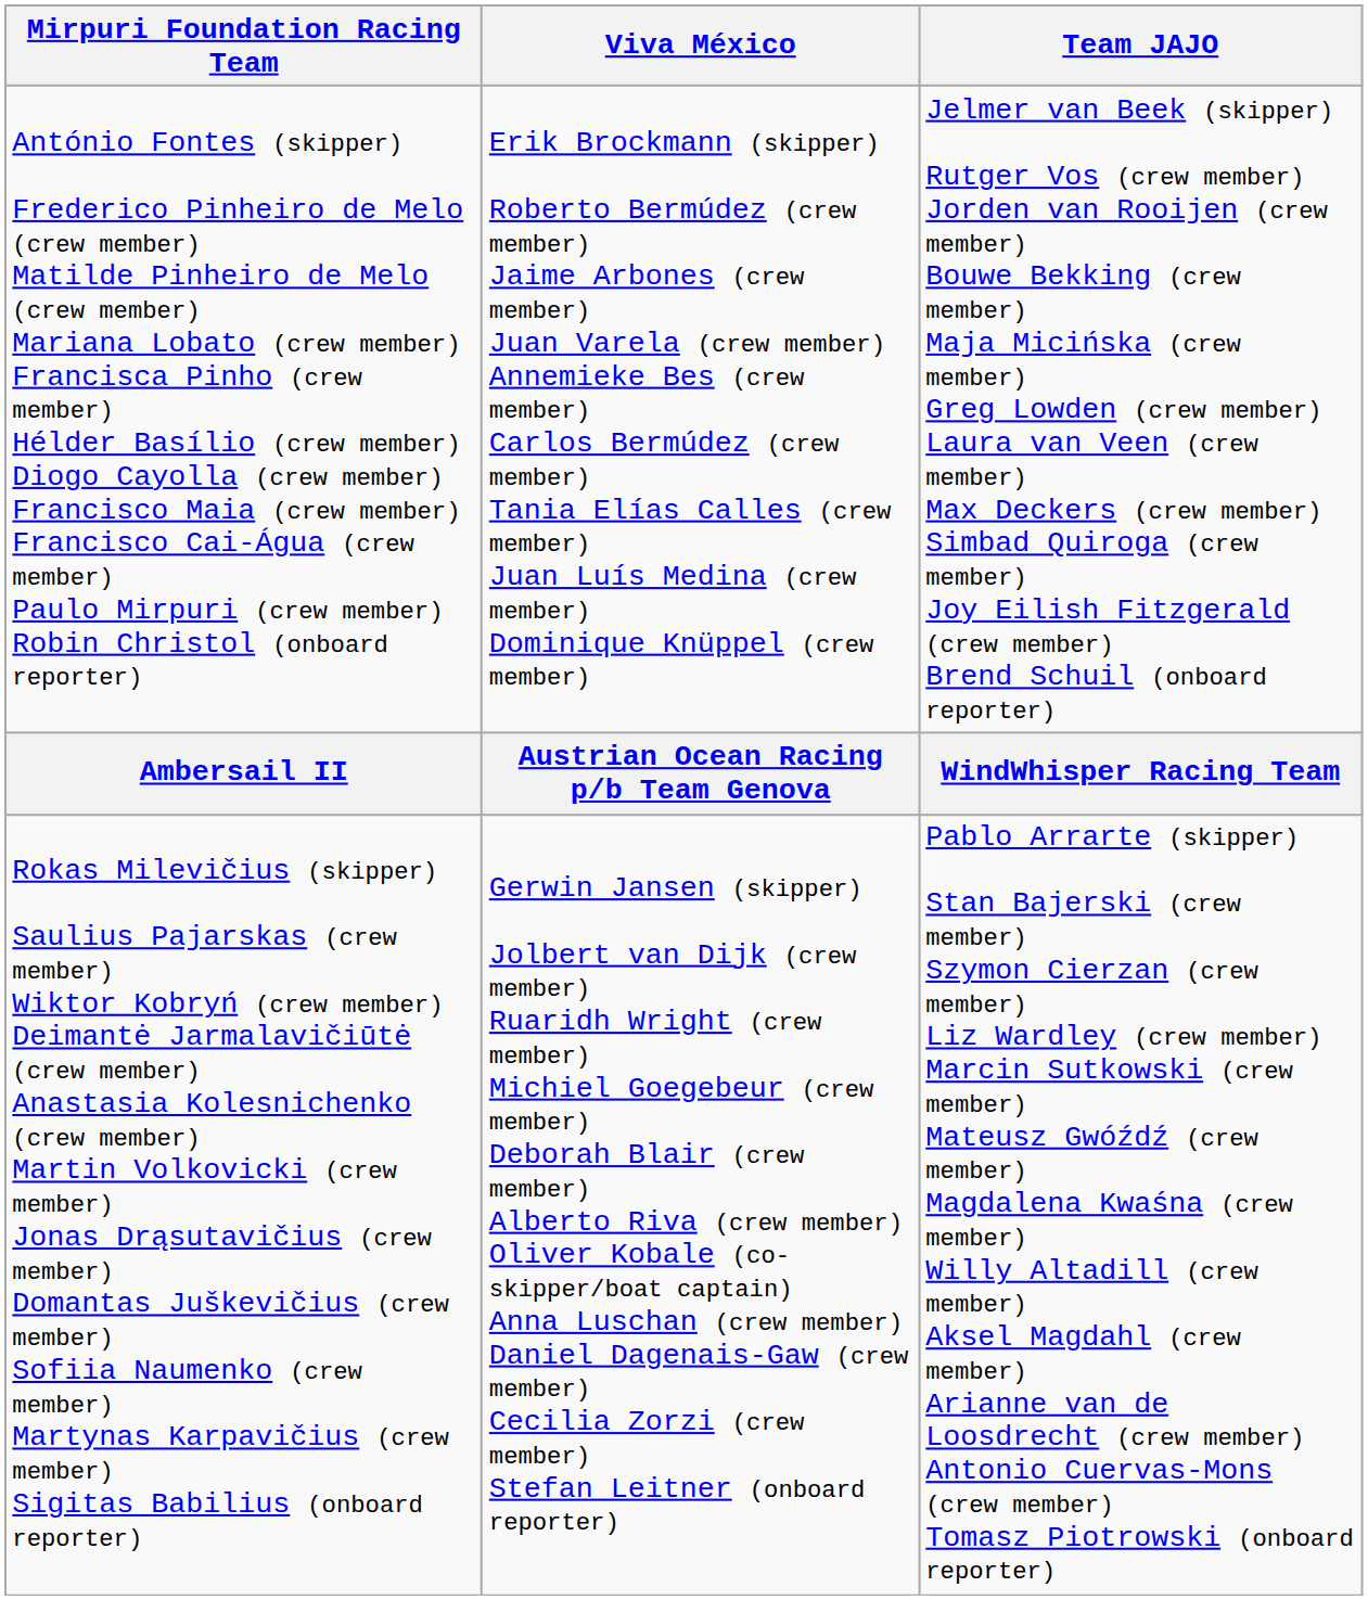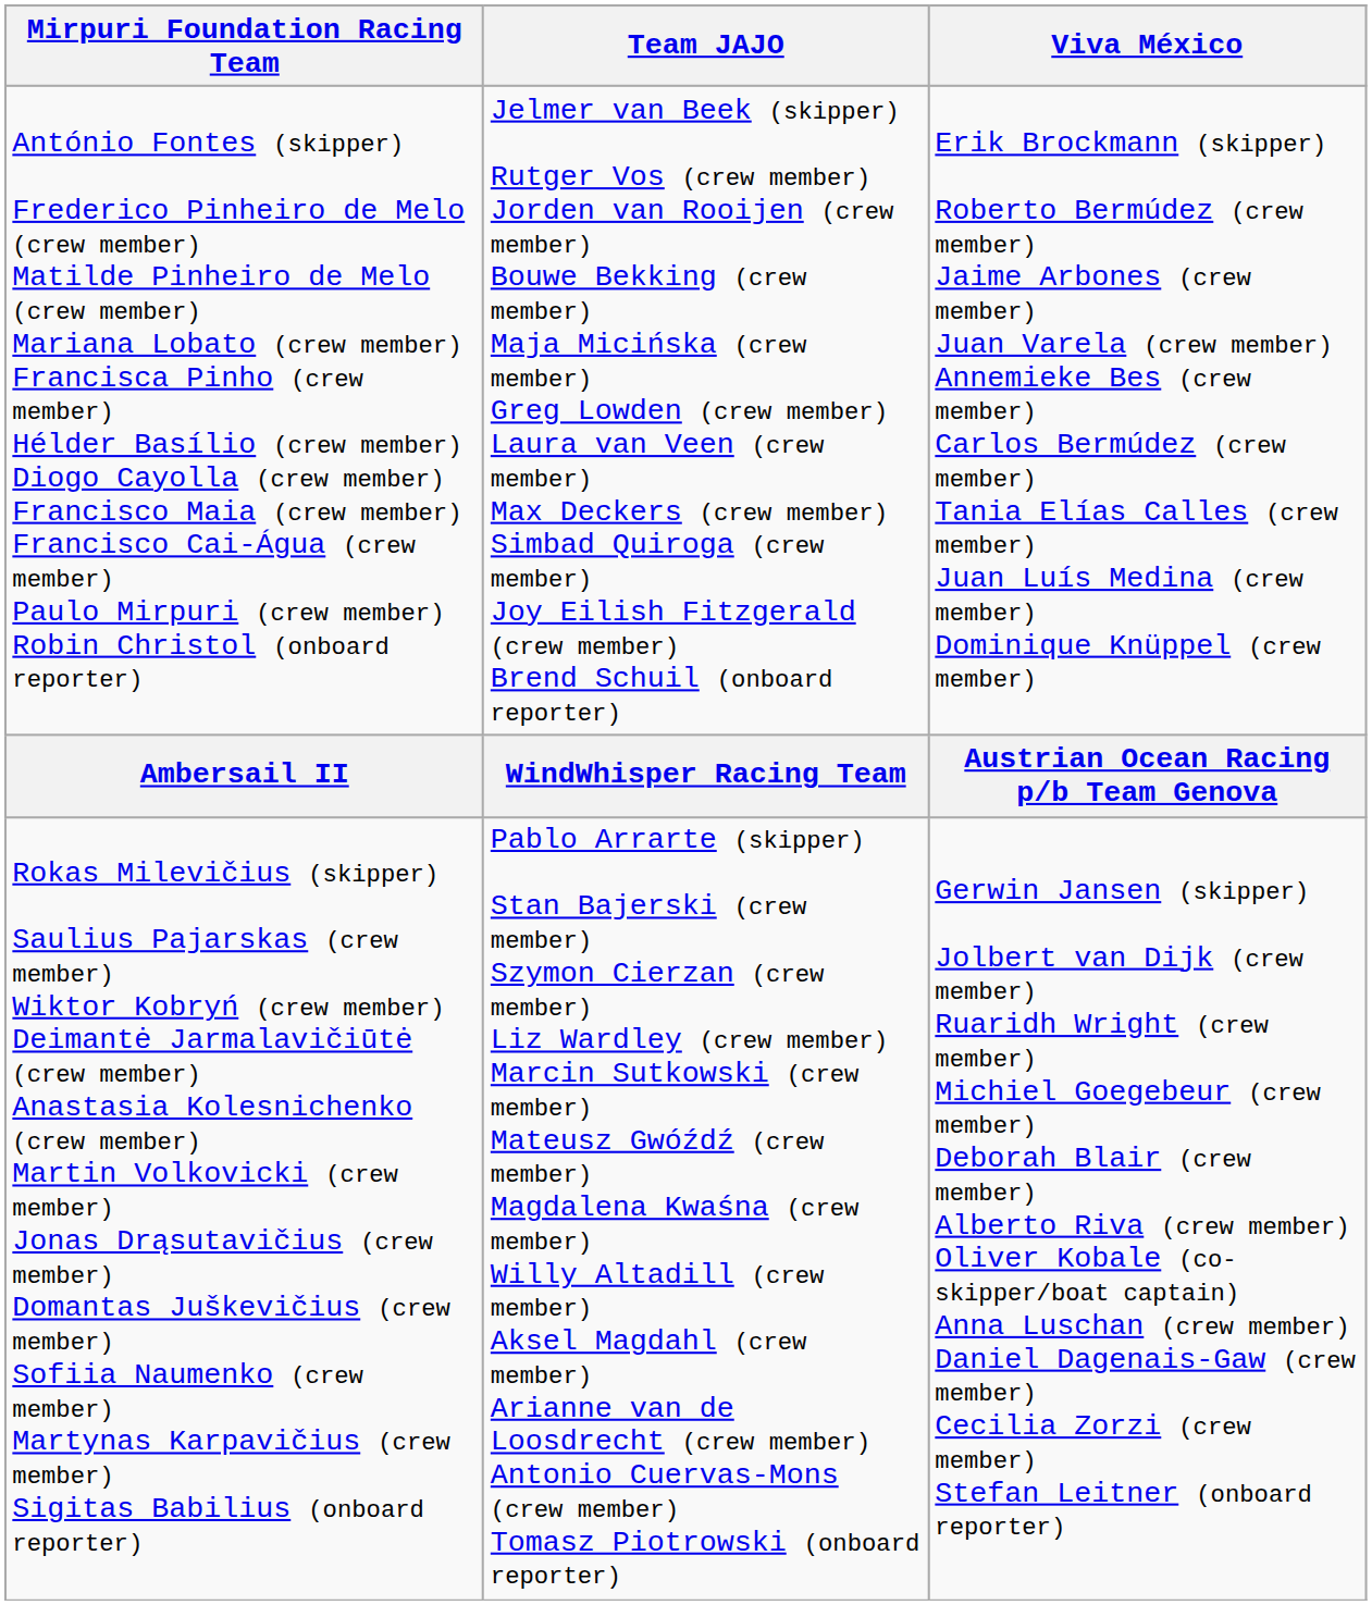 <table class=wikitable>
 <tr>
 <th> <a href='#'>Mirpuri Foundation Racing Team</a></th>
+<th> <a href='#'>Team JAJO</a></th>
 <th> <a href='#'>Viva México</a></th>
-<th> <a href='#'>Team JAJO</a></th>
 </tr>
 <tr>
 <td> <a href='#'>António Fontes</a> <small>(skipper)</small><br><br> <a href='#'>Frederico Pinheiro de Melo</a> <small>(crew member)</small><br>  <a href='#'>Matilde Pinheiro de Melo</a> <small>(crew member)</small><br>  <a href='#'>Mariana Lobato</a> <small>(crew member)</small><br>  <a href='#'>Francisca Pinho</a> <small>(crew member)</small><br>  <a href='#'>Hélder Basílio</a> <small>(crew member)</small><br>  <a href='#'>Diogo Cayolla</a> <small>(crew member)</small><br>  <a href='#'>Francisco Maia</a> <small>(crew member)</small><br>  <a href='#'>Francisco Cai-Água</a> <small>(crew member)</small><br>  <a href='#'>Paulo Mirpuri</a> <small>(crew member)</small><br>  <a href='#'>Robin Christol</a> <small>(onboard reporter)</small></td>
+<td> <a href='#'>Jelmer van Beek</a> <small>(skipper)</small><br><br> <a href='#'>Rutger Vos</a> <small>(crew member)</small><br>  <a href='#'>Jorden van Rooijen</a> <small>(crew member)</small><br>  <a href='#'>Bouwe Bekking</a> <small>(crew member)</small><br>  <a href='#'>Maja Micińska</a> <small>(crew member)</small><br>  <a href='#'>Greg Lowden</a> <small>(crew member)</small><br>  <a href='#'>Laura van Veen</a> <small>(crew member)</small><br>  <a href='#'>Max Deckers</a> <small>(crew member)</small><br>  <a href='#'>Simbad Quiroga</a> <small>(crew member)</small><br>  <a href='#'>Joy Eilish Fitzgerald</a> <small>(crew member)</small><br>  <a href='#'>Brend Schuil</a> <small>(onboard reporter)</small></td>
 <td> <a href='#'>Erik Brockmann</a> <small>(skipper)</small><br><br> <a href='#'>Roberto Bermúdez</a> <small>(crew member)</small><br>  <a href='#'>Jaime Arbones</a> <small>(crew member)</small><br>  <a href='#'>Juan Varela</a> <small>(crew member)</small><br>  <a href='#'>Annemieke Bes</a> <small>(crew member)</small><br>  <a href='#'>Carlos Bermúdez</a> <small>(crew member)</small><br>  <a href='#'>Tania Elías Calles</a> <small>(crew member)</small><br>  <a href='#'>Juan Luís Medina</a> <small>(crew member)</small><br>  <a href='#'>Dominique Knüppel</a> <small>(crew member)</small></td>
-<td> <a href='#'>Jelmer van Beek</a> <small>(skipper)</small><br><br> <a href='#'>Rutger Vos</a> <small>(crew member)</small><br>  <a href='#'>Jorden van Rooijen</a> <small>(crew member)</small><br>  <a href='#'>Bouwe Bekking</a> <small>(crew member)</small><br>  <a href='#'>Maja Micińska</a> <small>(crew member)</small><br>  <a href='#'>Greg Lowden</a> <small>(crew member)</small><br>  <a href='#'>Laura van Veen</a> <small>(crew member)</small><br>  <a href='#'>Max Deckers</a> <small>(crew member)</small><br>  <a href='#'>Simbad Quiroga</a> <small>(crew member)</small><br>  <a href='#'>Joy Eilish Fitzgerald</a> <small>(crew member)</small><br>  <a href='#'>Brend Schuil</a> <small>(onboard reporter)</small></td>
 </tr>
 <tr>
 <th> <a href='#'>Ambersail II</a></th>
+<th> <a href='#'>WindWhisper Racing Team</a></th>
 <th> <a href='#'>Austrian Ocean Racing p/b Team Genova</a></th>
-<th> <a href='#'>WindWhisper Racing Team</a></th>
 </tr>
 <tr>
 <td> <a href='#'>Rokas Milevičius</a> <small>(skipper)</small><br><br> <a href='#'>Saulius Pajarskas</a> <small>(crew member)</small><br>  <a href='#'>Wiktor Kobryń</a> <small>(crew member)</small><br>  <a href='#'>Deimantė Jarmalavičiūtė</a> <small>(crew member)</small><br>  <a href='#'>Anastasia Kolesnichenko</a> <small>(crew member)</small><br>  <a href='#'>Martin Volkovicki</a> <small>(crew member)</small><br>  <a href='#'>Jonas Drąsutavičius</a> <small>(crew member)</small><br>  <a href='#'>Domantas Juškevičius</a> <small>(crew member)</small><br>  <a href='#'>Sofiia Naumenko</a> <small>(crew member)</small><br>  <a href='#'>Martynas Karpavičius</a> <small>(crew member)</small><br>  <a href='#'>Sigitas Babilius</a> <small>(onboard reporter)</small></td>
+<td> <a href='#'>Pablo Arrarte</a> <small>(skipper)</small><br><br> <a href='#'>Stan Bajerski</a> <small>(crew member)</small><br>  <a href='#'>Szymon Cierzan</a> <small>(crew member)</small><br>  <a href='#'>Liz Wardley</a> <small>(crew member)</small><br>  <a href='#'>Marcin Sutkowski</a> <small>(crew member)</small><br>  <a href='#'>Mateusz Gwóźdź</a> <small>(crew member)</small><br>  <a href='#'>Magdalena Kwaśna</a> <small>(crew member)</small><br>  <a href='#'>Willy Altadill</a> <small>(crew member)</small><br>  <a href='#'>Aksel Magdahl</a> <small>(crew member)</small><br>  <a href='#'>Arianne van de Loosdrecht</a> <small>(crew member)</small><br>  <a href='#'>Antonio Cuervas-Mons</a> <small>(crew member)</small><br>  <a href='#'>Tomasz Piotrowski</a> <small>(onboard reporter)</small></td>
 <td> <a href='#'>Gerwin Jansen</a> <small>(skipper)</small><br><br> <a href='#'>Jolbert van Dijk</a> <small>(crew member)</small><br>  <a href='#'>Ruaridh Wright</a> <small>(crew member)</small><br>  <a href='#'>Michiel Goegebeur</a> <small>(crew member)</small><br>  <a href='#'>Deborah Blair</a> <small>(crew member)</small><br>  <a href='#'>Alberto Riva</a> <small>(crew member)</small><br>  <a href='#'>Oliver Kobale</a> <small>(co-skipper/boat captain)</small><br>  <a href='#'>Anna Luschan</a> <small>(crew member)</small><br>  <a href='#'>Daniel Dagenais-Gaw</a> <small>(crew member)</small><br>  <a href='#'>Cecilia Zorzi</a> <small>(crew member)</small><br>  <a href='#'>Stefan Leitner</a> <small>(onboard reporter)</small></td>
-<td> <a href='#'>Pablo Arrarte</a> <small>(skipper)</small><br><br> <a href='#'>Stan Bajerski</a> <small>(crew member)</small><br>  <a href='#'>Szymon Cierzan</a> <small>(crew member)</small><br>  <a href='#'>Liz Wardley</a> <small>(crew member)</small><br>  <a href='#'>Marcin Sutkowski</a> <small>(crew member)</small><br>  <a href='#'>Mateusz Gwóźdź</a> <small>(crew member)</small><br>  <a href='#'>Magdalena Kwaśna</a> <small>(crew member)</small><br>  <a href='#'>Willy Altadill</a> <small>(crew member)</small><br>  <a href='#'>Aksel Magdahl</a> <small>(crew member)</small><br>  <a href='#'>Arianne van de Loosdrecht</a> <small>(crew member)</small><br>  <a href='#'>Antonio Cuervas-Mons</a> <small>(crew member)</small><br>  <a href='#'>Tomasz Piotrowski</a> <small>(onboard reporter)</small></td>
 </tr>
 </table>
